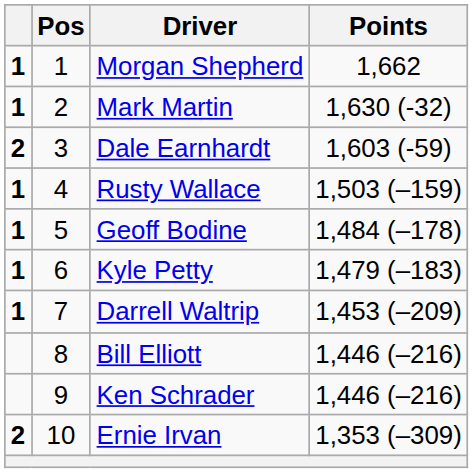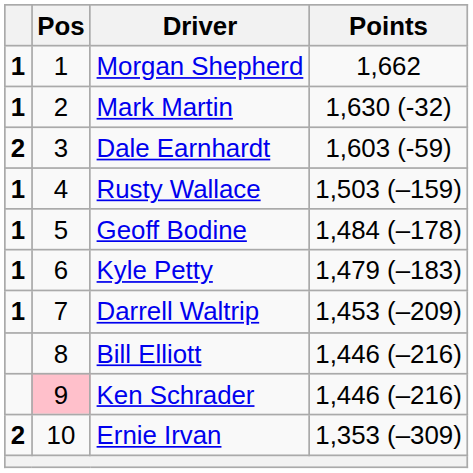 <table class="wikitable" style="font-size: 95%;">
 <tr>
 <th></th>
 <th>Pos</th>
 <th>Driver</th>
 <th>Points</th>
 </tr>
 <tr>
 <td align="left">  <strong>1</strong></td>
 <td style="text-align:center;">1</td>
 <td><a href='#'>Morgan Shepherd</a></td>
 <td style="text-align:center;">1,662</td>
 </tr>
 <tr>
 <td align="left">  <strong>1</strong></td>
 <td style="text-align:center;">2</td>
 <td><a href='#'>Mark Martin</a></td>
 <td style="text-align:center;">1,630 (-32)</td>
 </tr>
 <tr>
 <td align="left">  <strong>2</strong></td>
 <td style="text-align:center;">3</td>
 <td><a href='#'>Dale Earnhardt</a></td>
 <td style="text-align:center;">1,603 (-59)</td>
 </tr>
 <tr>
 <td align="left">  <strong>1</strong></td>
 <td style="text-align:center;">4</td>
 <td><a href='#'>Rusty Wallace</a></td>
 <td style="text-align:center;">1,503 (–159)</td>
 </tr>
 <tr>
 <td align="left">  <strong>1</strong></td>
 <td style="text-align:center;">5</td>
 <td><a href='#'>Geoff Bodine</a></td>
 <td style="text-align:center;">1,484 (–178)</td>
 </tr>
 <tr>
 <td align="left">  <strong>1</strong></td>
 <td style="text-align:center;">6</td>
 <td><a href='#'>Kyle Petty</a></td>
 <td style="text-align:center;">1,479 (–183)</td>
 </tr>
 <tr>
 <td align="left">  <strong>1</strong></td>
 <td style="text-align:center;">7</td>
 <td><a href='#'>Darrell Waltrip</a></td>
 <td style="text-align:center;">1,453 (–209)</td>
 </tr>
 <tr>
 <td align="left"></td>
 <td style="text-align:center;">8</td>
 <td><a href='#'>Bill Elliott</a></td>
 <td style="text-align:center;">1,446 (–216)</td>
 </tr>
 <tr>
 <td align="left"></td>
-<td style="text-align:center;">9</td>
+<td style="background: pink; text-align:center;">9</td>
 <td><a href='#'>Ken Schrader</a></td>
 <td style="text-align:center;">1,446 (–216)</td>
 </tr>
 <tr>
 <td align="left">  <strong>2</strong></td>
 <td style="text-align:center;">10</td>
 <td><a href='#'>Ernie Irvan</a></td>
 <td style="text-align:center;">1,353 (–309)</td>
 </tr>
 <tr class="sortbottom">
 <th colspan="9"></th>
 </tr>
 </table>
